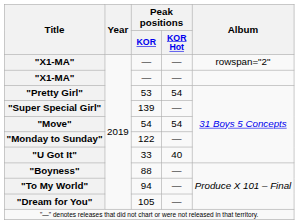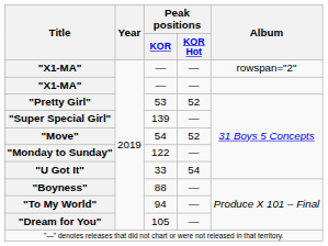 <table class="wikitable plainrowheaders" style="text-align:center;">
 <tr>
 <th rowspan="2">Title</th>
 <th rowspan="2">Year</th>
 <th scope="col" colspan="2">Peak positions</th>
 <th rowspan="2" style="width:10em;">Album</th>
 </tr>
 <tr>
 <th scope="col" style="width:3em;font-size:90%;"><a href='#'>KOR</a><br></th>
 <th scope="col" style="width:3em;font-size:90%;"><a href='#'>KOR<br>Hot</a><br></th>
 </tr>
 <tr>
 <th scope="row">"X1-MA" </th>
 <td rowspan="10">2019</td>
 <td>—</td>
 <td>—</td>
 <td>rowspan="2" </td>
 </tr>
 <tr>
 <th scope="row">"X1-MA" </th>
 <td>—</td>
 <td>—</td>
 </tr>
 <tr>
 <th scope="row">"Pretty Girl" </th>
 <td>53</td>
-<td>54</td>
+<td>52</td>
 <td rowspan="5"><em><a href='#'>31 Boys 5 Concepts</a></em></td>
 </tr>
 <tr>
 <th scope="row">"Super Special Girl"</th>
 <td>139</td>
 <td>—</td>
 </tr>
 <tr>
 <th scope="row">"Move" </th>
 <td>54</td>
-<td>54</td>
+<td>52</td>
 </tr>
 <tr>
 <th scope="row">"Monday to Sunday"</th>
 <td>122</td>
 <td>—</td>
 </tr>
 <tr>
 <th scope="row">"U Got It"</th>
 <td>33</td>
-<td>40</td>
+<td>54</td>
 </tr>
 <tr>
 <th scope="row">"Boyness" </th>
 <td>88</td>
 <td>—</td>
 <td rowspan="3"><em>Produce X 101 – Final</em></td>
 </tr>
 <tr>
 <th scope="row">"To My World"</th>
 <td>94</td>
 <td>—</td>
 </tr>
 <tr>
 <th scope="row">"Dream for You" </th>
 <td>105</td>
 <td>—</td>
 </tr>
 <tr>
 <td colspan="5" style="text-align:center; font-size:8pt;">"—" denotes releases that did not chart or were not released in that territory.</td>
 </tr>
 </table>
